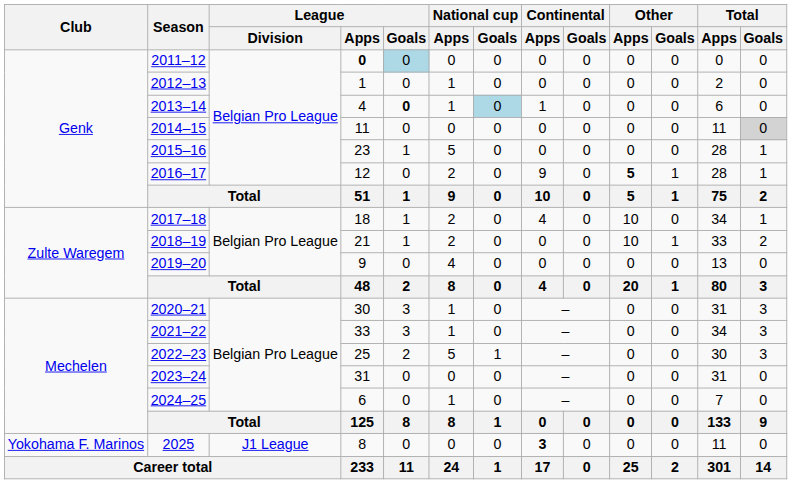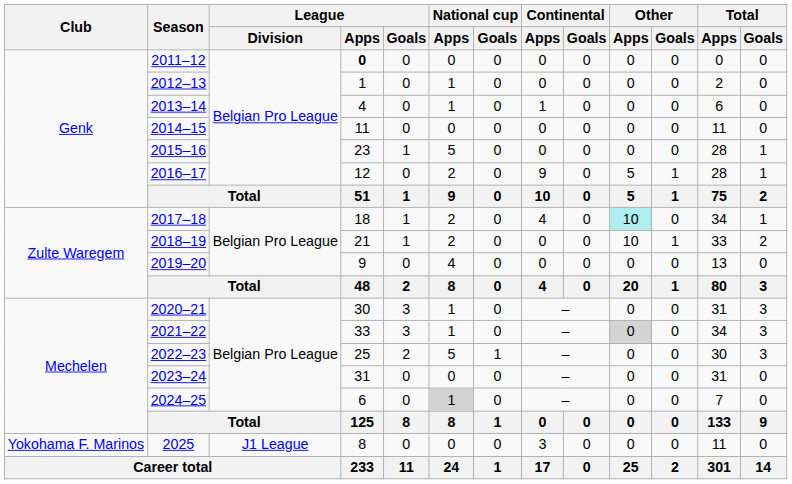 <table class="wikitable" style="text-align:center">
 <tr>
 <th rowspan="2">Club</th>
 <th rowspan="2">Season</th>
 <th colspan="3">League</th>
 <th colspan="2">National cup</th>
 <th colspan="2">Continental</th>
 <th colspan="2">Other</th>
 <th colspan="2">Total</th>
 </tr>
 <tr>
 <th>Division</th>
 <th>Apps</th>
 <th>Goals</th>
 <th>Apps</th>
 <th>Goals</th>
 <th>Apps</th>
 <th>Goals</th>
 <th>Apps</th>
 <th>Goals</th>
 <th>Apps</th>
 <th>Goals</th>
 </tr>
 <tr>
 <td rowspan="7"><a href='#'>Genk</a></td>
 <td><a href='#'>2011–12</a></td>
 <td rowspan="6"><a href='#'>Belgian Pro League</a></td>
 <td><strong>0</strong></td>
-<td style="background: lightblue;">0</td>
+<td>0</td>
 <td>0</td>
 <td>0</td>
 <td>0</td>
 <td>0</td>
 <td>0</td>
 <td>0</td>
 <td>0</td>
 <td>0</td>
 </tr>
 <tr>
 <td><a href='#'>2012–13</a></td>
 <td>1</td>
 <td>0</td>
 <td>1</td>
 <td>0</td>
 <td>0</td>
 <td>0</td>
 <td>0</td>
 <td>0</td>
 <td>2</td>
 <td>0</td>
 </tr>
 <tr>
 <td><a href='#'>2013–14</a></td>
 <td>4</td>
-<td><strong>0</strong></td>
+<td>0</td>
 <td>1</td>
-<td style="background: lightblue;">0</td>
+<td>0</td>
 <td>1</td>
 <td>0</td>
 <td>0</td>
 <td>0</td>
 <td>6</td>
 <td>0</td>
 </tr>
 <tr>
 <td><a href='#'>2014–15</a></td>
 <td>11</td>
 <td>0</td>
 <td>0</td>
 <td>0</td>
 <td>0</td>
 <td>0</td>
 <td>0</td>
 <td>0</td>
 <td>11</td>
-<td style="background: lightgrey;">0</td>
+<td>0</td>
 </tr>
 <tr>
 <td><a href='#'>2015–16</a></td>
 <td>23</td>
 <td>1</td>
 <td>5</td>
 <td>0</td>
 <td>0</td>
 <td>0</td>
 <td>0</td>
 <td>0</td>
 <td>28</td>
 <td>1</td>
 </tr>
 <tr>
 <td><a href='#'>2016–17</a></td>
 <td>12</td>
 <td>0</td>
 <td>2</td>
 <td>0</td>
 <td>9</td>
 <td>0</td>
-<td><strong>5</strong></td>
+<td>5</td>
 <td>1</td>
 <td>28</td>
 <td>1</td>
 </tr>
 <tr>
 <th colspan="2">Total</th>
 <th>51</th>
 <th>1</th>
 <th>9</th>
 <th>0</th>
 <th>10</th>
 <th>0</th>
 <th>5</th>
 <th>1</th>
 <th>75</th>
 <th>2</th>
 </tr>
 <tr>
 <td rowspan="4"><a href='#'>Zulte Waregem</a></td>
 <td><a href='#'>2017–18</a></td>
 <td rowspan="3">Belgian Pro League</td>
 <td>18</td>
 <td>1</td>
 <td>2</td>
 <td>0</td>
 <td>4</td>
 <td>0</td>
-<td>10</td>
+<td style="background: paleturquoise;">10</td>
 <td>0</td>
 <td>34</td>
 <td>1</td>
 </tr>
 <tr>
 <td><a href='#'>2018–19</a></td>
 <td>21</td>
 <td>1</td>
 <td>2</td>
 <td>0</td>
 <td>0</td>
 <td>0</td>
 <td>10</td>
 <td>1</td>
 <td>33</td>
 <td>2</td>
 </tr>
 <tr>
 <td><a href='#'>2019–20</a></td>
 <td>9</td>
 <td>0</td>
 <td>4</td>
 <td>0</td>
 <td>0</td>
 <td>0</td>
 <td>0</td>
 <td>0</td>
 <td>13</td>
 <td>0</td>
 </tr>
 <tr>
 <th colspan="2">Total</th>
 <th>48</th>
 <th>2</th>
 <th>8</th>
 <th>0</th>
 <th>4</th>
 <th>0</th>
 <th>20</th>
 <th>1</th>
 <th>80</th>
 <th>3</th>
 </tr>
 <tr>
 <td rowspan="6"><a href='#'>Mechelen</a></td>
 <td><a href='#'>2020–21</a></td>
 <td rowspan="5">Belgian Pro League</td>
 <td>30</td>
 <td>3</td>
 <td>1</td>
 <td>0</td>
 <td colspan=2>–</td>
 <td>0</td>
 <td>0</td>
 <td>31</td>
 <td>3</td>
 </tr>
 <tr>
 <td><a href='#'>2021–22</a></td>
 <td>33</td>
 <td>3</td>
 <td>1</td>
 <td>0</td>
 <td colspan=2>–</td>
-<td>0</td>
+<td style="background: lightgrey;">0</td>
 <td>0</td>
 <td>34</td>
 <td>3</td>
 </tr>
 <tr>
 <td><a href='#'>2022–23</a></td>
 <td>25</td>
 <td>2</td>
 <td>5</td>
 <td>1</td>
 <td colspan=2>–</td>
 <td>0</td>
 <td>0</td>
 <td>30</td>
 <td>3</td>
 </tr>
 <tr>
 <td><a href='#'>2023–24</a></td>
 <td>31</td>
 <td>0</td>
 <td>0</td>
 <td>0</td>
 <td colspan=2>–</td>
 <td>0</td>
 <td>0</td>
 <td>31</td>
 <td>0</td>
 </tr>
 <tr>
 <td><a href='#'>2024–25</a></td>
 <td>6</td>
 <td>0</td>
-<td>1</td>
+<td style="background: lightgrey;">1</td>
 <td>0</td>
 <td colspan=2>–</td>
 <td>0</td>
 <td>0</td>
 <td>7</td>
 <td>0</td>
 </tr>
 <tr>
 <th colspan="2">Total</th>
 <th>125</th>
 <th>8</th>
 <th>8</th>
 <th>1</th>
 <th>0</th>
 <th>0</th>
 <th>0</th>
 <th>0</th>
 <th>133</th>
 <th>9</th>
 </tr>
 <tr>
 <td><a href='#'>Yokohama F. Marinos</a></td>
 <td><a href='#'>2025</a></td>
 <td><a href='#'>J1 League</a></td>
 <td>8</td>
 <td>0</td>
 <td>0</td>
 <td>0</td>
-<td><strong>3</strong></td>
+<td>3</td>
 <td>0</td>
 <td>0</td>
 <td>0</td>
 <td>11</td>
 <td>0</td>
 </tr>
 <tr>
 <th colspan="3">Career total</th>
 <th>233</th>
 <th>11</th>
 <th>24</th>
 <th>1</th>
 <th>17</th>
 <th>0</th>
 <th>25</th>
 <th>2</th>
 <th>301</th>
 <th>14</th>
 </tr>
 </table>
